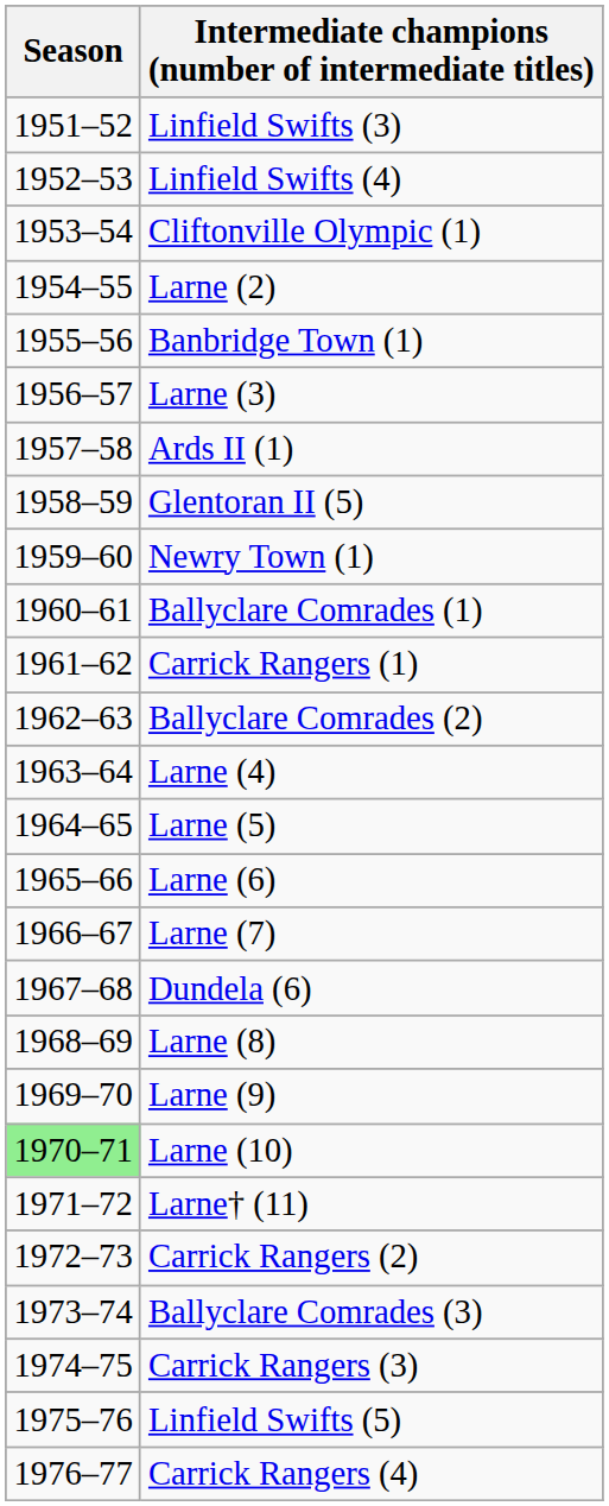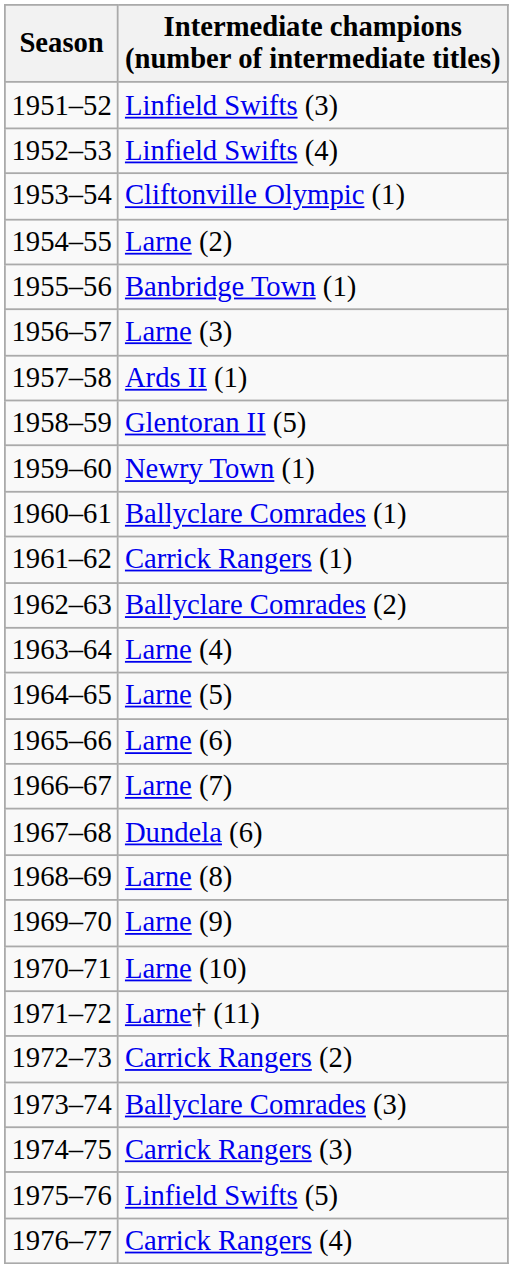 <table class="wikitable">
 <tr>
 <th>Season</th>
 <th>Intermediate champions<br>(number of intermediate titles)</th>
 </tr>
 <tr>
 <td>1951–52</td>
 <td><a href='#'>Linfield Swifts</a> (3)</td>
 </tr>
 <tr>
 <td>1952–53</td>
 <td><a href='#'>Linfield Swifts</a> (4)</td>
 </tr>
 <tr>
 <td>1953–54</td>
 <td><a href='#'>Cliftonville Olympic</a> (1)</td>
 </tr>
 <tr>
 <td>1954–55</td>
 <td><a href='#'>Larne</a> (2)</td>
 </tr>
 <tr>
 <td>1955–56</td>
 <td><a href='#'>Banbridge Town</a> (1)</td>
 </tr>
 <tr>
 <td>1956–57</td>
 <td><a href='#'>Larne</a> (3)</td>
 </tr>
 <tr>
 <td>1957–58</td>
 <td><a href='#'>Ards II</a> (1)</td>
 </tr>
 <tr>
 <td>1958–59</td>
 <td><a href='#'>Glentoran II</a> (5)</td>
 </tr>
 <tr>
 <td>1959–60</td>
 <td><a href='#'>Newry Town</a> (1)</td>
 </tr>
 <tr>
 <td>1960–61</td>
 <td><a href='#'>Ballyclare Comrades</a> (1)</td>
 </tr>
 <tr>
 <td>1961–62</td>
 <td><a href='#'>Carrick Rangers</a> (1)</td>
 </tr>
 <tr>
 <td>1962–63</td>
 <td><a href='#'>Ballyclare Comrades</a> (2)</td>
 </tr>
 <tr>
 <td>1963–64</td>
 <td><a href='#'>Larne</a> (4)</td>
 </tr>
 <tr>
 <td>1964–65</td>
 <td><a href='#'>Larne</a> (5)</td>
 </tr>
 <tr>
 <td>1965–66</td>
 <td><a href='#'>Larne</a> (6)</td>
 </tr>
 <tr>
 <td>1966–67</td>
 <td><a href='#'>Larne</a> (7)</td>
 </tr>
 <tr>
 <td>1967–68</td>
 <td><a href='#'>Dundela</a> (6)</td>
 </tr>
 <tr>
 <td>1968–69</td>
 <td><a href='#'>Larne</a> (8)</td>
 </tr>
 <tr>
 <td>1969–70</td>
 <td><a href='#'>Larne</a> (9)</td>
 </tr>
 <tr>
-<td style="background: lightgreen;">1970–71</td>
+<td>1970–71</td>
 <td><a href='#'>Larne</a> (10)</td>
 </tr>
 <tr>
 <td>1971–72</td>
 <td><a href='#'>Larne</a>† (11)</td>
 </tr>
 <tr>
 <td>1972–73</td>
 <td><a href='#'>Carrick Rangers</a> (2)</td>
 </tr>
 <tr>
 <td>1973–74</td>
 <td><a href='#'>Ballyclare Comrades</a> (3)</td>
 </tr>
 <tr>
 <td>1974–75</td>
 <td><a href='#'>Carrick Rangers</a> (3)</td>
 </tr>
 <tr>
 <td>1975–76</td>
 <td><a href='#'>Linfield Swifts</a> (5)</td>
 </tr>
 <tr>
 <td>1976–77</td>
 <td><a href='#'>Carrick Rangers</a> (4)</td>
 </tr>
 </table>
